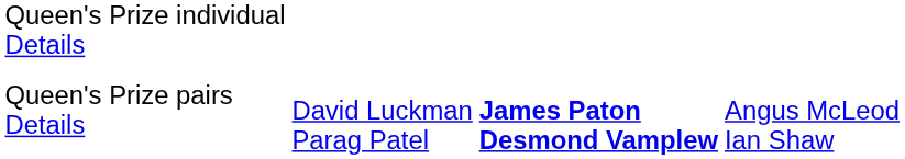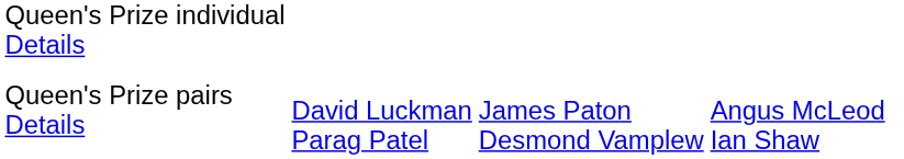 <table>
 <tr>
 <td>Queen's Prize individual<br><a href='#'>Details</a></td>
 <td></td>
 <td></td>
 <td></td>
 </tr>
 <tr>
 <td>Queen's Prize pairs<br><a href='#'>Details</a></td>
 <td><br><a href='#'>David Luckman</a><br><a href='#'>Parag Patel</a></td>
-<td><strong><br><a href='#'>James Paton</a><br><a href='#'>Desmond Vamplew</a></strong></td>
+<td><br><a href='#'>James Paton</a><br><a href='#'>Desmond Vamplew</a></td>
 <td><br><a href='#'>Angus McLeod</a><br><a href='#'>Ian Shaw</a></td>
 </tr>
 </table>
